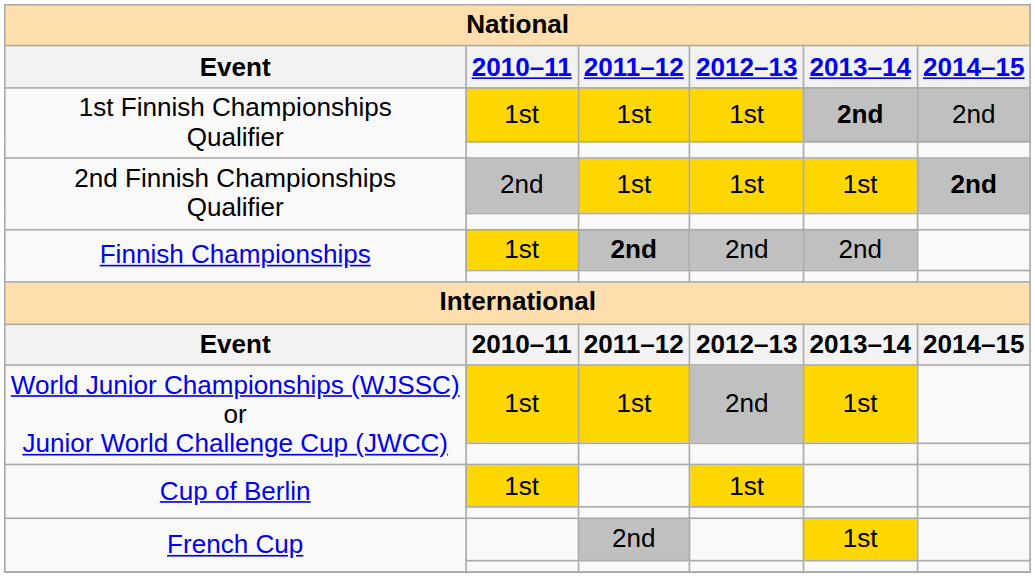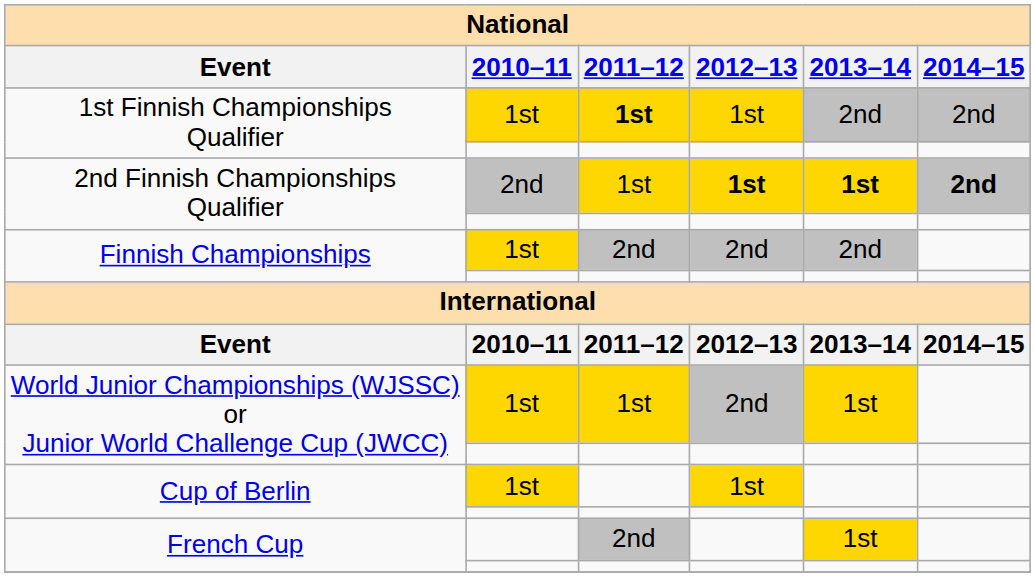 <table class="wikitable">
 <tr>
 <th style="background-color: #ffdead; " colspan="6" align="center"><strong>National</strong></th>
 </tr>
 <tr>
 <th>Event</th>
 <th><a href='#'>2010–11</a></th>
 <th><a href='#'>2011–12</a></th>
 <th><a href='#'>2012–13</a></th>
 <th><a href='#'>2013–14</a></th>
 <th><a href='#'>2014–15</a></th>
 </tr>
 <tr>
 <td align="center" rowspan="2">1st Finnish Championships<br>Qualifier</td>
 <td 2010-11 align="center" bgcolor="gold">1st</td>
-<td 2011-12 align="center" bgcolor="gold">1st</td>
+<td 2011-12 align="center" bgcolor="gold"><strong>1st</strong></td>
 <td 2012-13 align="center" bgcolor="gold">1st</td>
-<td 2013-14 align="center" bgcolor="silver"><strong>2nd</strong></td>
+<td 2013-14 align="center" bgcolor="silver">2nd</td>
 <td 2014-15 align="center" bgcolor="silver">2nd</td>
 </tr>
 <tr>
 <td 2010-11 align="center"></td>
 <td 2011-12 align="center"></td>
 <td 2012-13 align="center"></td>
 <td 2013-14 align="center"></td>
 <td 2014-15 align="center"></td>
 </tr>
 <tr>
 <td align="center" rowspan="2">2nd Finnish Championships<br>Qualifier</td>
 <td 2010-11 align="center" bgcolor="silver">2nd</td>
 <td 2011-12 align="center" bgcolor="gold">1st</td>
-<td 2012-13 align="center" bgcolor="gold">1st</td>
-<td 2013-14 align="center" bgcolor="gold">1st</td>
+<td 2012-13 align="center" bgcolor="gold"><strong>1st</strong></td>
+<td 2013-14 align="center" bgcolor="gold"><strong>1st</strong></td>
 <td 2014-15 align="center" bgcolor="silver"><strong>2nd</strong></td>
 </tr>
 <tr>
 <td 2010-11 align="center"></td>
 <td 2011-12 align="center"></td>
 <td 2012-13 align="center"></td>
 <td 2013-14 align="center"></td>
 <td 2014-15 align="center"></td>
 </tr>
 <tr>
 <td align="center" rowspan="2"><a href='#'>Finnish Championships</a></td>
 <td 2010-11 align="center" bgcolor="gold">1st</td>
-<td 2011-12 align="center" bgcolor="silver"><strong>2nd</strong></td>
+<td 2011-12 align="center" bgcolor="silver">2nd</td>
 <td 2012-13 align="center" bgcolor="silver">2nd</td>
 <td 2013-14 align="center" bgcolor="silver">2nd</td>
 <td 2014-15 align="center"></td>
 </tr>
 <tr>
 <td 2010-11 align="center"></td>
 <td 2011-12 align="center"></td>
 <td 2012-13 align="center"></td>
 <td 2013-14 align="center"></td>
 <td 2014-15 align="center"></td>
 </tr>
 <tr>
 <th style="background-color: #ffdead; " colspan="6" align=center><strong>International</strong></th>
 </tr>
 <tr>
 <th>Event</th>
 <th>2010–11</th>
 <th>2011–12</th>
 <th>2012–13</th>
 <th>2013–14</th>
 <th>2014–15</th>
 </tr>
 <tr>
 <td align="center" rowspan="2"><a href='#'>World Junior Championships (WJSSC)</a><br>or<br><a href='#'>Junior World Challenge Cup (JWCC)</a></td>
 <td 2010-11 align="center" bgcolor="gold">1st<br></td>
 <td 2011-12 align="center" bgcolor="gold">1st<br></td>
 <td 2012-13 align="center" bgcolor="silver">2nd<br></td>
 <td 2013-14 align="center" bgcolor="gold">1st<br></td>
 <td 2014-15 align="center"></td>
 </tr>
 <tr>
 <td 2010-11 align="center"></td>
 <td 2011-12 align="center"></td>
 <td 2012-13 align="center"></td>
 <td 2013-14 align="center"></td>
 <td 2014-15 align="center"></td>
 </tr>
 <tr>
 <td align="center" rowspan="2"><a href='#'>Cup of Berlin</a></td>
 <td 2010-11 align="center" bgcolor="gold">1st</td>
 <td 2011-12 align="center"></td>
 <td 2012-13 align="center" bgcolor="gold">1st</td>
 <td 2013-14 align="center"></td>
 <td 2014-15 align="center"></td>
 </tr>
 <tr>
 <td 2010-11 align="center"></td>
 <td 2011-12 align="center"></td>
 <td 2012-13 align="center"></td>
 <td 2013-14 align="center"></td>
 <td 2014-15 align="center"></td>
 </tr>
 <tr>
 <td align="center" rowspan="2"><a href='#'>French Cup</a></td>
 <td 2010-11 align="center"></td>
 <td 2011-12 align="center" bgcolor="silver">2nd</td>
 <td 2012-13 align="center"></td>
 <td 2013-14 align="center" bgcolor="gold">1st</td>
 <td 2014-15 align="center"></td>
 </tr>
 <tr>
 <td 2010-11 align="center"></td>
 <td 2011-12 align="center"></td>
 <td 2012-13 align="center"></td>
 <td 2013-14 align="center"></td>
 <td 2014-15 align="center"></td>
 </tr>
 <tr>
 </tr>
 </table>
